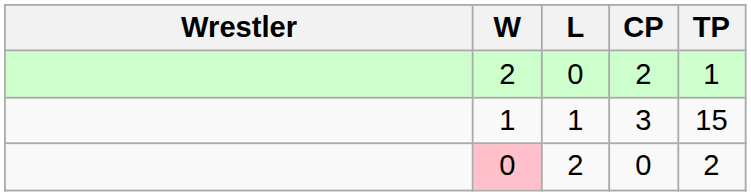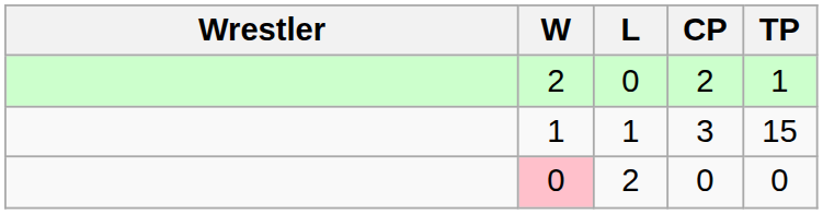 <table class="wikitable" style="text-align: center;" |>
 <tr>
 <th width="250">Wrestler</th>
 <th width="30">W</th>
 <th width="30">L</th>
 <th width="30">CP</th>
 <th width="30">TP</th>
 </tr>
 <tr bgcolor="ccffcc">
 <td style="text-align:left;"></td>
 <td>2</td>
 <td>0</td>
 <td>2</td>
 <td>1</td>
 </tr>
 <tr>
 <td style="text-align:left;"></td>
 <td>1</td>
 <td>1</td>
 <td>3</td>
 <td>15</td>
 </tr>
 <tr>
 <td style="text-align:left;"></td>
 <td style="background: pink;">0</td>
 <td>2</td>
 <td>0</td>
-<td>2</td>
+<td>0</td>
 </tr>
 </table>
